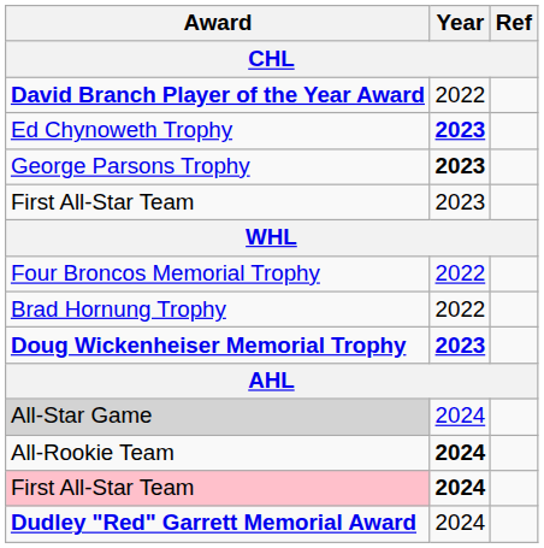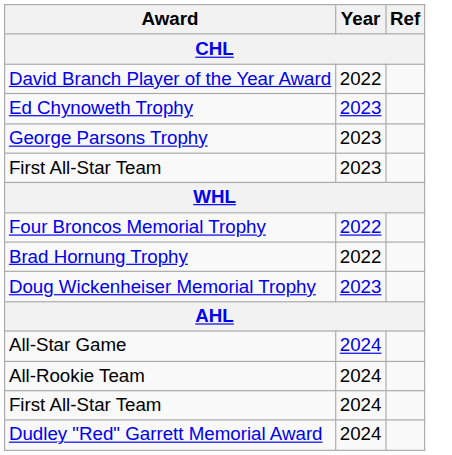 <table class="wikitable">
 <tr>
 <th>Award</th>
 <th>Year</th>
 <th>Ref</th>
 </tr>
 <tr>
 <th colspan="4"><a href='#'>CHL</a></th>
 </tr>
 <tr>
-<td><strong><a href='#'>David Branch Player of the Year Award</a></strong></td>
+<td><a href='#'>David Branch Player of the Year Award</a></td>
 <td>2022</td>
 <td></td>
 </tr>
 <tr>
 <td><a href='#'>Ed Chynoweth Trophy</a></td>
-<td><strong><a href='#'>2023</a></strong></td>
+<td><a href='#'>2023</a></td>
 <td></td>
 </tr>
 <tr>
 <td><a href='#'>George Parsons Trophy</a></td>
-<td><strong>2023</strong></td>
+<td>2023</td>
 <td></td>
 </tr>
 <tr>
 <td>First All-Star Team</td>
 <td>2023</td>
 <td></td>
 </tr>
 <tr>
 <th colspan="4"><a href='#'>WHL</a></th>
 </tr>
 <tr>
 <td><a href='#'>Four Broncos Memorial Trophy</a></td>
 <td><a href='#'>2022</a></td>
 <td></td>
 </tr>
 <tr>
 <td><a href='#'>Brad Hornung Trophy</a></td>
 <td>2022</td>
 <td></td>
 </tr>
 <tr>
-<td><strong><a href='#'>Doug Wickenheiser Memorial Trophy</a></strong></td>
-<td><strong><a href='#'>2023</a></strong></td>
+<td><a href='#'>Doug Wickenheiser Memorial Trophy</a></td>
+<td><a href='#'>2023</a></td>
 <td></td>
 </tr>
 <tr>
 <th colspan="4"><a href='#'>AHL</a></th>
 </tr>
 <tr>
-<td style="background: lightgrey;">All-Star Game</td>
+<td>All-Star Game</td>
 <td><a href='#'>2024</a></td>
 <td></td>
 </tr>
 <tr>
 <td>All-Rookie Team</td>
-<td><strong>2024</strong></td>
+<td>2024</td>
 <td></td>
 </tr>
 <tr>
-<td style="background: pink;">First All-Star Team</td>
-<td><strong>2024</strong></td>
+<td>First All-Star Team</td>
+<td>2024</td>
 <td></td>
 </tr>
 <tr>
-<td><strong><a href='#'>Dudley "Red" Garrett Memorial Award</a></strong></td>
+<td><a href='#'>Dudley "Red" Garrett Memorial Award</a></td>
 <td>2024</td>
 <td></td>
 </tr>
 </table>
